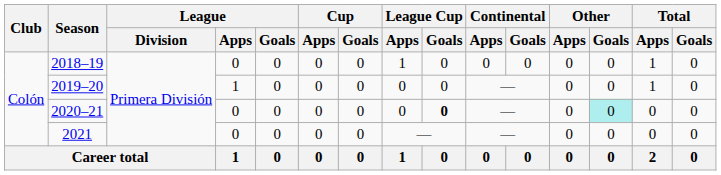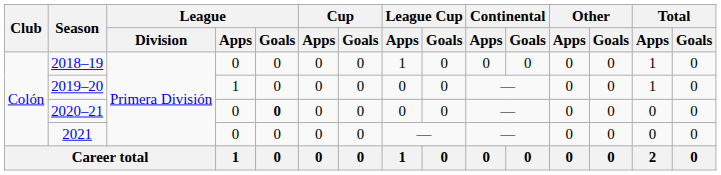 <table class="wikitable" style="text-align:center">
 <tr>
 <th rowspan="2">Club</th>
 <th rowspan="2">Season</th>
 <th colspan="3">League</th>
 <th colspan="2">Cup</th>
 <th colspan="2">League Cup</th>
 <th colspan="2">Continental</th>
 <th colspan="2">Other</th>
 <th colspan="2">Total</th>
 </tr>
 <tr>
 <th>Division</th>
 <th>Apps</th>
 <th>Goals</th>
 <th>Apps</th>
 <th>Goals</th>
 <th>Apps</th>
 <th>Goals</th>
 <th>Apps</th>
 <th>Goals</th>
 <th>Apps</th>
 <th>Goals</th>
 <th>Apps</th>
 <th>Goals</th>
 </tr>
 <tr>
 <td rowspan="4"><a href='#'>Colón</a></td>
 <td><a href='#'>2018–19</a></td>
 <td rowspan="4"><a href='#'>Primera División</a></td>
 <td>0</td>
 <td>0</td>
 <td>0</td>
 <td>0</td>
 <td>1</td>
 <td>0</td>
 <td>0</td>
 <td>0</td>
 <td>0</td>
 <td>0</td>
 <td>1</td>
 <td>0</td>
 </tr>
 <tr>
 <td><a href='#'>2019–20</a></td>
 <td>1</td>
 <td>0</td>
 <td>0</td>
 <td>0</td>
 <td>0</td>
 <td>0</td>
 <td colspan="2">—</td>
 <td>0</td>
 <td>0</td>
 <td>1</td>
 <td>0</td>
 </tr>
 <tr>
 <td><a href='#'>2020–21</a></td>
 <td>0</td>
+<td><strong>0</strong></td>
 <td>0</td>
 <td>0</td>
 <td>0</td>
 <td>0</td>
-<td><strong>0</strong></td>
 <td colspan="2">—</td>
 <td>0</td>
-<td style="background: paleturquoise;">0</td>
+<td>0</td>
 <td>0</td>
 <td>0</td>
 </tr>
 <tr>
 <td><a href='#'>2021</a></td>
 <td>0</td>
 <td>0</td>
 <td>0</td>
 <td>0</td>
 <td colspan="2">—</td>
 <td colspan="2">—</td>
 <td>0</td>
 <td>0</td>
 <td>0</td>
 <td>0</td>
 </tr>
 <tr>
 <th colspan="3">Career total</th>
 <th>1</th>
 <th>0</th>
 <th>0</th>
 <th>0</th>
 <th>1</th>
 <th>0</th>
 <th>0</th>
 <th>0</th>
 <th>0</th>
 <th>0</th>
 <th>2</th>
 <th>0</th>
 </tr>
 </table>
